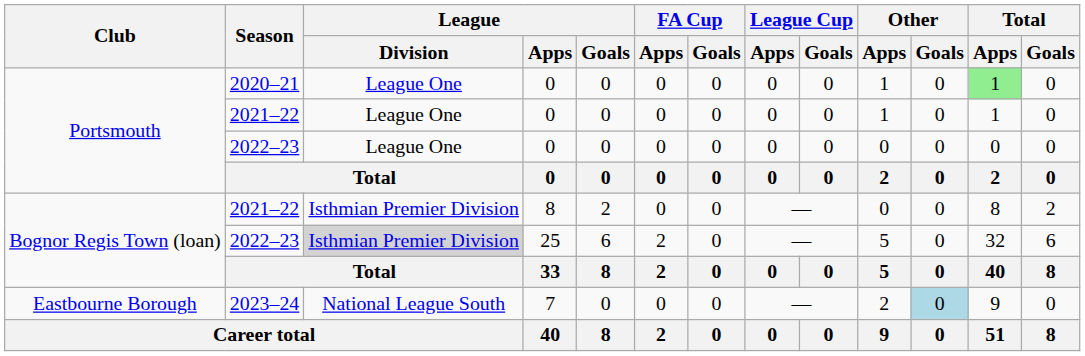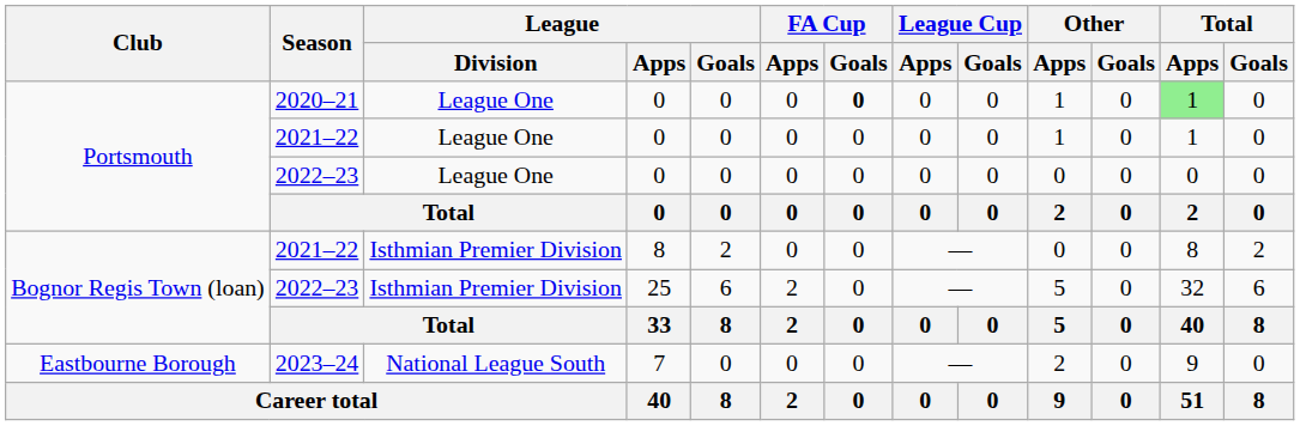 <table class="wikitable" style="text-align: center;">
 <tr>
 <th rowspan="2">Club</th>
 <th rowspan="2">Season</th>
 <th colspan="3">League</th>
 <th colspan="2"><a href='#'>FA Cup</a></th>
 <th colspan="2"><a href='#'>League Cup</a></th>
 <th colspan="2">Other</th>
 <th colspan="2">Total</th>
 </tr>
 <tr>
 <th>Division</th>
 <th>Apps</th>
 <th>Goals</th>
 <th>Apps</th>
 <th>Goals</th>
 <th>Apps</th>
 <th>Goals</th>
 <th>Apps</th>
 <th>Goals</th>
 <th>Apps</th>
 <th>Goals</th>
 </tr>
 <tr>
 <td rowspan="4" valign="center"><a href='#'>Portsmouth</a></td>
 <td><a href='#'>2020–21</a></td>
 <td><a href='#'>League One</a></td>
 <td>0</td>
 <td>0</td>
 <td>0</td>
-<td>0</td>
+<td><strong>0</strong></td>
 <td>0</td>
 <td>0</td>
 <td>1</td>
 <td>0</td>
 <td style="background: lightgreen;">1</td>
 <td>0</td>
 </tr>
 <tr>
 <td><a href='#'>2021–22</a></td>
 <td>League One</td>
 <td>0</td>
 <td>0</td>
 <td>0</td>
 <td>0</td>
 <td>0</td>
 <td>0</td>
 <td>1</td>
 <td>0</td>
 <td>1</td>
 <td>0</td>
 </tr>
 <tr>
 <td><a href='#'>2022–23</a></td>
 <td>League One</td>
 <td>0</td>
 <td>0</td>
 <td>0</td>
 <td>0</td>
 <td>0</td>
 <td>0</td>
 <td>0</td>
 <td>0</td>
 <td>0</td>
 <td>0</td>
 </tr>
 <tr>
 <th colspan="2">Total</th>
 <th>0</th>
 <th>0</th>
 <th>0</th>
 <th>0</th>
 <th>0</th>
 <th>0</th>
 <th>2</th>
 <th>0</th>
 <th>2</th>
 <th>0</th>
 </tr>
 <tr>
 <td rowspan="3" valign="center"><a href='#'>Bognor Regis Town</a> (loan)</td>
 <td><a href='#'>2021–22</a></td>
 <td><a href='#'>Isthmian Premier Division</a></td>
 <td>8</td>
 <td>2</td>
 <td>0</td>
 <td>0</td>
 <td colspan="2">—</td>
 <td>0</td>
 <td>0</td>
 <td>8</td>
 <td>2</td>
 </tr>
 <tr>
 <td><a href='#'>2022–23</a></td>
-<td style="background: lightgrey;"><a href='#'>Isthmian Premier Division</a></td>
+<td><a href='#'>Isthmian Premier Division</a></td>
 <td>25</td>
 <td>6</td>
 <td>2</td>
 <td>0</td>
 <td colspan="2">—</td>
 <td>5</td>
 <td>0</td>
 <td>32</td>
 <td>6</td>
 </tr>
 <tr>
 <th colspan="2">Total</th>
 <th>33</th>
 <th>8</th>
 <th>2</th>
 <th>0</th>
 <th>0</th>
 <th>0</th>
 <th>5</th>
 <th>0</th>
 <th>40</th>
 <th>8</th>
 </tr>
 <tr>
 <td><a href='#'>Eastbourne Borough</a></td>
 <td><a href='#'>2023–24</a></td>
 <td><a href='#'>National League South</a></td>
 <td>7</td>
 <td>0</td>
 <td>0</td>
 <td>0</td>
 <td colspan="2">—</td>
 <td>2</td>
-<td style="background: lightblue;">0</td>
+<td>0</td>
 <td>9</td>
 <td>0</td>
 </tr>
 <tr>
 <th colspan="3">Career total</th>
 <th>40</th>
 <th>8</th>
 <th>2</th>
 <th>0</th>
 <th>0</th>
 <th>0</th>
 <th>9</th>
 <th>0</th>
 <th>51</th>
 <th>8</th>
 </tr>
 </table>
